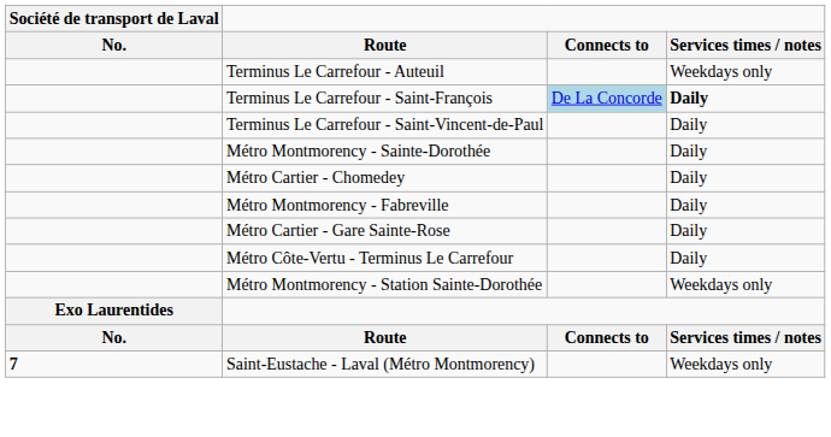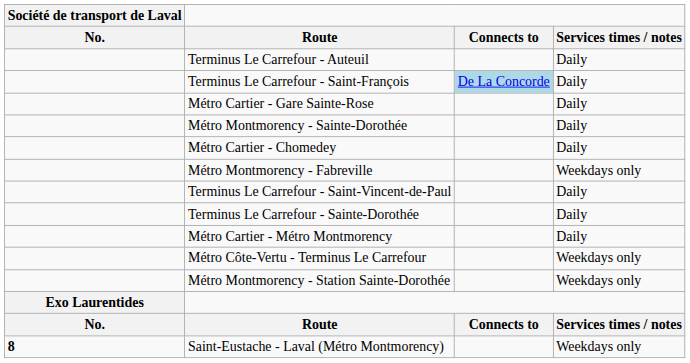 <table class="wikitable">
 <tr>
 <th style="background: #">Société de transport de Laval</th>
 </tr>
 <tr>
 <th>No.</th>
 <th>Route</th>
 <th>Connects to</th>
 <th>Services times / notes</th>
 </tr>
 <tr>
 <td></td>
 <td>Terminus Le Carrefour - Auteuil</td>
 <td> </td>
-<td>Weekdays only</td>
+<td>Daily</td>
 </tr>
 <tr>
 <td></td>
 <td>Terminus Le Carrefour - Saint-François</td>
 <td style="background: lightblue;">  <a href='#'>De La Concorde</a></td>
-<td><strong>Daily</strong></td>
+<td>Daily</td>
 </tr>
 <tr>
 <td></td>
-<td>Terminus Le Carrefour - Saint-Vincent-de-Paul</td>
+<td>Métro Cartier - Gare Sainte-Rose</td>
 <td></td>
 <td>Daily</td>
 </tr>
 <tr>
 <td></td>
 <td>Métro Montmorency - Sainte-Dorothée</td>
 <td> </td>
 <td>Daily</td>
 </tr>
 <tr>
 <td></td>
 <td>Métro Cartier - Chomedey</td>
 <td> </td>
 <td>Daily</td>
 </tr>
 <tr>
 <td></td>
 <td>Métro Montmorency - Fabreville</td>
 <td> </td>
+<td>Weekdays only</td>
+</tr>
+<tr>
+<td></td>
+<td>Terminus Le Carrefour - Saint-Vincent-de-Paul</td>
+<td></td>
 <td>Daily</td>
 </tr>
 <tr>
 <td></td>
-<td>Métro Cartier - Gare Sainte-Rose</td>
+<td>Terminus Le Carrefour - Sainte-Dorothée</td>
+<td></td>
+<td>Daily</td>
+</tr>
+<tr>
+<td></td>
+<td>Métro Cartier - Métro Montmorency</td>
 <td></td>
 <td>Daily</td>
 </tr>
 <tr>
 <td></td>
 <td>Métro Côte-Vertu - Terminus Le Carrefour</td>
 <td></td>
-<td>Daily</td>
+<td>Weekdays only</td>
 </tr>
 <tr>
 <td></td>
 <td>Métro Montmorency - Station Sainte-Dorothée</td>
 <td></td>
 <td>Weekdays only</td>
 </tr>
 <tr>
 <th style="background: #">Exo Laurentides</th>
 </tr>
 <tr>
 <th>No.</th>
 <th>Route</th>
 <th>Connects to</th>
 <th>Services times / notes</th>
 </tr>
 <tr>
-<td {{border> <strong>7</strong></td>
+<td {{border> <strong>8</strong></td>
 <td>Saint-Eustache - Laval (Métro Montmorency)</td>
 <td></td>
 <td>Weekdays only</td>
 </tr>
 </table>
